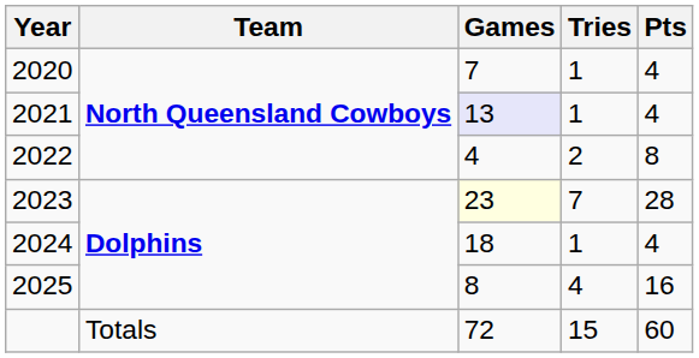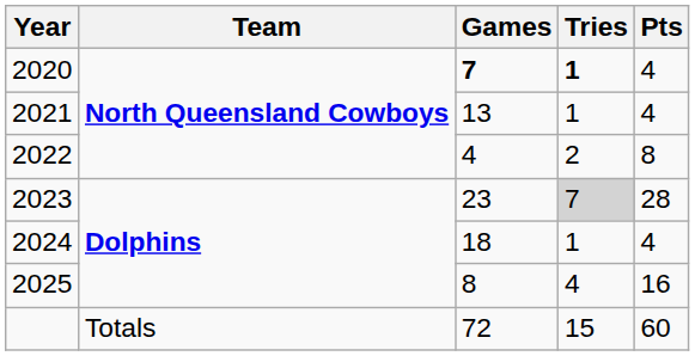 <table class="wikitable">
 <tr>
 <th>Year</th>
 <th>Team</th>
 <th>Games</th>
 <th>Tries</th>
 <th>Pts</th>
 </tr>
 <tr>
 <td>2020</td>
 <td rowspan="3"> <strong><a href='#'>North Queensland Cowboys</a></strong></td>
-<td>7</td>
-<td>1</td>
+<td><strong>7</strong></td>
+<td><strong>1</strong></td>
 <td>4</td>
 </tr>
 <tr>
 <td>2021</td>
-<td style="background: lavender;">13</td>
+<td>13</td>
 <td>1</td>
 <td>4</td>
 </tr>
 <tr>
 <td>2022</td>
 <td>4</td>
 <td>2</td>
 <td>8</td>
 </tr>
 <tr>
 <td>2023</td>
 <td rowspan="3"> <strong><a href='#'>Dolphins</a></strong></td>
-<td style="background: lightyellow;">23</td>
-<td>7</td>
+<td>23</td>
+<td style="background: lightgrey;">7</td>
 <td>28</td>
 </tr>
 <tr>
 <td>2024</td>
 <td>18</td>
 <td>1</td>
 <td>4</td>
 </tr>
 <tr>
 <td>2025</td>
 <td>8</td>
 <td>4</td>
 <td>16</td>
 </tr>
 <tr>
 <td></td>
 <td>Totals</td>
 <td>72</td>
 <td>15</td>
 <td>60</td>
 </tr>
 </table>
